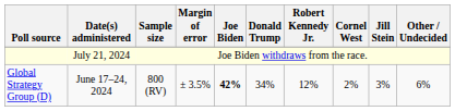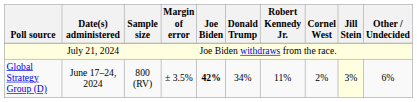 <table class="wikitable sortable mw-datatable" style="font-size:90%;text-align:center;line-height:17px">
 <tr valign=bottom>
 <th>Poll source</th>
 <th>Date(s)<br>administered</th>
 <th>Sample<br>size</th>
 <th>Margin<br>of error</th>
 <th class="unsortable">Joe<br>Biden<br></th>
 <th class="unsortable">Donald<br>Trump<br></th>
 <th class="unsortable">Robert<br>Kennedy Jr.<br></th>
 <th class="unsortable">Cornel<br>West<br></th>
 <th class="unsortable">Jill<br>Stein<br></th>
 <th class="unsortable">Other /<br>Undecided</th>
 </tr>
 <tr>
 </tr>
 <tr style="background:lightyellow;">
 <td style="border-right-style:hidden;"></td>
 <td style="border-right-style:hidden; " data-sort-value="2024-07-21">July 21, 2024</td>
 <td colspan="8">Joe Biden <a href='#'>withdraws</a> from the race.</td>
 </tr>
 <tr>
 <td style="text-align:left;"><a href='#'>Global Strategy Group (D)</a></td>
 <td data-sort-value="2024-07-08">June 17–24, 2024</td>
 <td>800 (RV)</td>
 <td>± 3.5%</td>
 <td style="color:black;background-color:"><strong>42%</strong></td>
 <td>34%</td>
-<td>12%</td>
+<td>11%</td>
 <td>2%</td>
-<td>3%</td>
+<td style="background: lightyellow;">3%</td>
 <td>6%</td>
 </tr>
 </table>
